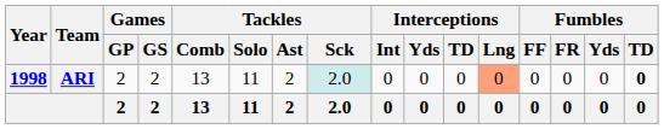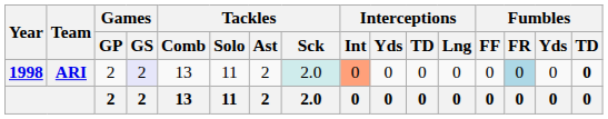 <table class="wikitable" style="text-align:center">
 <tr>
 <th rowspan="2">Year</th>
 <th rowspan="2">Team</th>
 <th colspan="2">Games</th>
 <th colspan="4">Tackles</th>
 <th colspan="4">Interceptions</th>
 <th colspan="4">Fumbles</th>
 </tr>
 <tr>
 <th>GP</th>
 <th>GS</th>
 <th>Comb</th>
 <th>Solo</th>
 <th>Ast</th>
 <th>Sck</th>
 <th>Int</th>
 <th>Yds</th>
 <th>TD</th>
 <th>Lng</th>
 <th>FF</th>
 <th>FR</th>
 <th>Yds</th>
 <th>TD</th>
 </tr>
 <tr>
 <th><a href='#'>1998</a></th>
 <th><a href='#'>ARI</a></th>
 <td>2</td>
-<td>2</td>
+<td style="background: lavender;">2</td>
 <td>13</td>
 <td>11</td>
 <td>2</td>
 <td style="background:#cfecec; width:3em;">2.0</td>
+<td style="background: lightsalmon;">0</td>
 <td>0</td>
 <td>0</td>
 <td>0</td>
-<td style="background: lightsalmon;">0</td>
 <td>0</td>
-<td>0</td>
+<td style="background: lightblue;">0</td>
 <td>0</td>
 <td><strong>0</strong></td>
 </tr>
 <tr>
 <th colspan="2"></th>
 <th>2</th>
 <th>2</th>
 <th>13</th>
 <th>11</th>
 <th>2</th>
 <th>2.0</th>
 <th>0</th>
 <th>0</th>
 <th>0</th>
 <th>0</th>
 <th>0</th>
 <th>0</th>
 <th>0</th>
 <th>0</th>
 </tr>
 </table>
